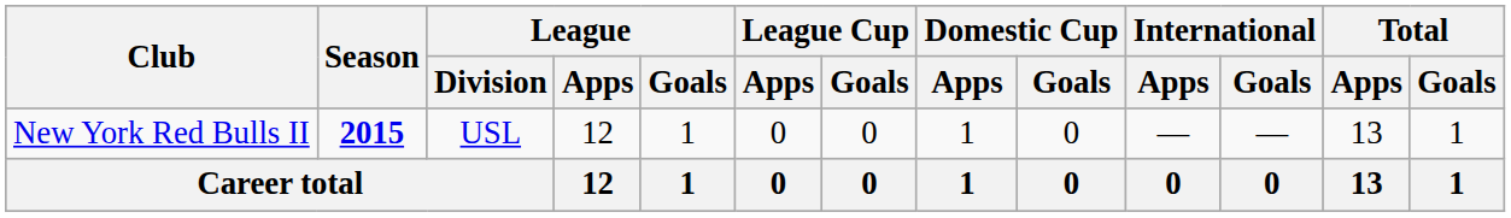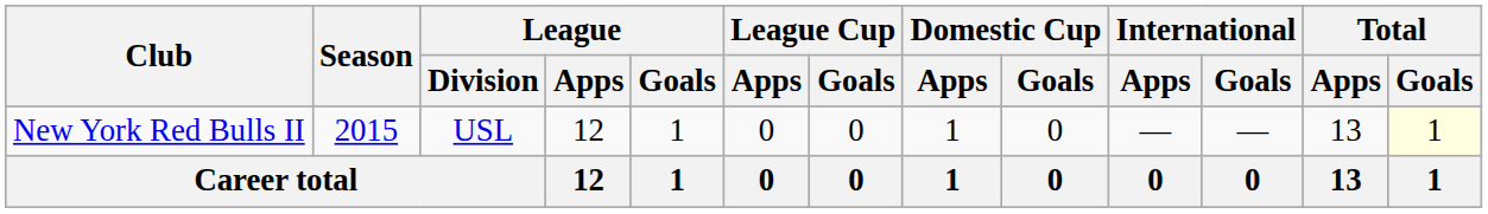 <table class="wikitable" style="text-align: center;">
 <tr>
 <th rowspan="2">Club</th>
 <th rowspan="2">Season</th>
 <th colspan="3">League</th>
 <th colspan="2">League Cup</th>
 <th colspan="2">Domestic Cup</th>
 <th colspan="2">International</th>
 <th colspan="2">Total</th>
 </tr>
 <tr>
 <th>Division</th>
 <th>Apps</th>
 <th>Goals</th>
 <th>Apps</th>
 <th>Goals</th>
 <th>Apps</th>
 <th>Goals</th>
 <th>Apps</th>
 <th>Goals</th>
 <th>Apps</th>
 <th>Goals</th>
 </tr>
 <tr>
 <td rowspan="1"><a href='#'>New York Red Bulls II</a></td>
-<td><strong><a href='#'>2015</a></strong></td>
+<td><a href='#'>2015</a></td>
 <td><a href='#'>USL</a></td>
 <td>12</td>
 <td>1</td>
 <td>0</td>
 <td>0</td>
 <td>1</td>
 <td>0</td>
 <td>—</td>
 <td>—</td>
 <td>13</td>
-<td>1</td>
+<td style="background: lightyellow;">1</td>
 </tr>
 <tr>
 <th colspan="3">Career total</th>
 <th>12</th>
 <th>1</th>
 <th>0</th>
 <th>0</th>
 <th>1</th>
 <th>0</th>
 <th>0</th>
 <th>0</th>
 <th>13</th>
 <th>1</th>
 </tr>
 </table>
